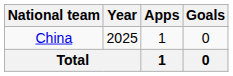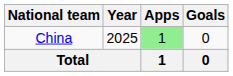 <table class="wikitable" style="text-align:center">
 <tr>
 <th>National team</th>
 <th>Year</th>
 <th>Apps</th>
 <th>Goals</th>
 </tr>
 <tr>
 <td rowspan="1"><a href='#'>China</a></td>
 <td>2025</td>
-<td>1</td>
+<td style="background: lightgreen;">1</td>
 <td>0</td>
 </tr>
 <tr>
 <th colspan="2">Total</th>
 <th>1</th>
 <th>0</th>
 </tr>
 </table>
